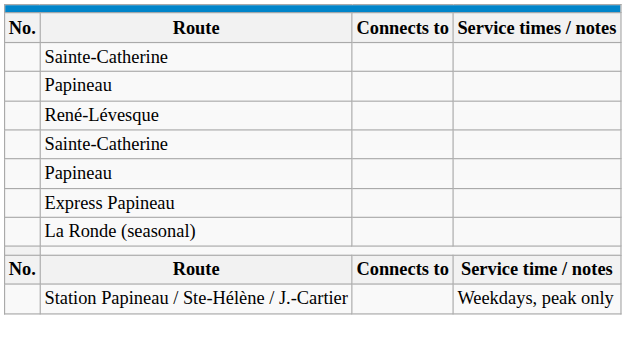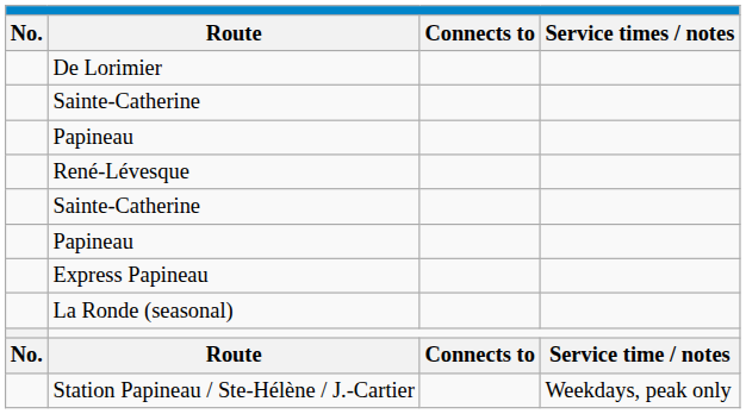 <table align=center class="wikitable">
 <tr>
 <th style="background: #0085CA; font-size:100%; color:#FFFFFF;"colspan="4"><a href='#'></a></th>
 </tr>
 <tr>
 <th>No.</th>
 <th>Route</th>
 <th>Connects to</th>
 <th>Service times / notes</th>
+</tr>
+<tr>
+<td></td>
+<td>De Lorimier</td>
+<td></td>
+<td></td>
 </tr>
 <tr>
 <td></td>
 <td>Sainte-Catherine</td>
 <td></td>
 <td></td>
 </tr>
 <tr>
 <td {{Avoid wrap> </td>
 <td>Papineau</td>
 <td></td>
 <td></td>
 </tr>
 <tr>
 <td></td>
 <td>René-Lévesque</td>
 <td></td>
 <td></td>
 </tr>
 <tr>
 <td {{Avoid wrap> </td>
 <td>Sainte-Catherine</td>
 <td></td>
 <td></td>
 </tr>
 <tr>
 <td {{Avoid wrap> </td>
 <td>Papineau</td>
 <td></td>
 <td></td>
 </tr>
 <tr>
 <td></td>
 <td>Express Papineau</td>
 <td></td>
 <td></td>
 </tr>
 <tr>
 <td></td>
 <td>La Ronde (seasonal)</td>
 <td></td>
 <td></td>
 </tr>
 <tr>
 <th style="background: #"><a href='#'></a></th>
 </tr>
 <tr>
 <th>No.</th>
 <th>Route</th>
 <th>Connects to</th>
 <th>Service time / notes</th>
 </tr>
 <tr>
 <td></td>
 <td>Station Papineau / Ste-Hélène / J.-Cartier</td>
 <td></td>
 <td>Weekdays, peak only</td>
 </tr>
 </table>
